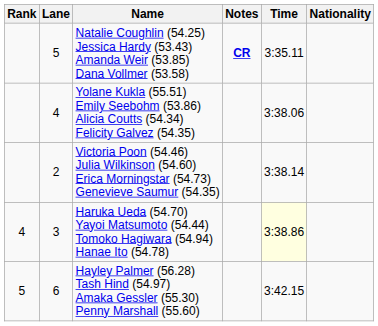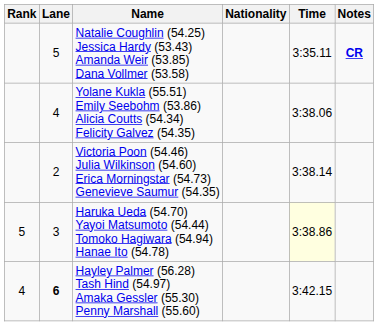 <table class="wikitable sortable" style="text-align:center">
 <tr>
 <th>Rank</th>
 <th>Lane</th>
 <th>Name</th>
+<th>Nationality</th>
+<th>Time</th>
 <th>Notes</th>
-<th>Time</th>
-<th>Nationality</th>
 </tr>
 <tr>
 <td></td>
 <td>5</td>
 <td align=left><a href='#'>Natalie Coughlin</a> (54.25) <br> <a href='#'>Jessica Hardy</a> (53.43) <br> <a href='#'>Amanda Weir</a> (53.85) <br> <a href='#'>Dana Vollmer</a> (53.58)</td>
+<td align=left></td>
+<td>3:35.11</td>
 <td><strong><a href='#'>CR</a></strong></td>
-<td>3:35.11</td>
-<td align=left></td>
 </tr>
 <tr>
 <td></td>
 <td>4</td>
 <td align=left><a href='#'>Yolane Kukla</a> (55.51) <br> <a href='#'>Emily Seebohm</a> (53.86) <br> <a href='#'>Alicia Coutts</a> (54.34) <br> <a href='#'>Felicity Galvez</a> (54.35)</td>
+<td align=left></td>
+<td>3:38.06</td>
 <td></td>
-<td>3:38.06</td>
-<td align=left></td>
 </tr>
 <tr>
 <td></td>
 <td>2</td>
 <td align=left><a href='#'>Victoria Poon</a> (54.46) <br><a href='#'>Julia Wilkinson</a> (54.60) <br><a href='#'>Erica Morningstar</a> (54.73) <br><a href='#'>Genevieve Saumur</a> (54.35)</td>
+<td align=left></td>
+<td>3:38.14</td>
 <td></td>
-<td>3:38.14</td>
+</tr>
+<tr>
+<td>5</td>
+<td>3</td>
+<td align=left><a href='#'>Haruka Ueda</a> (54.70) <br> <a href='#'>Yayoi Matsumoto</a> (54.44) <br> <a href='#'>Tomoko Hagiwara</a> (54.94) <br> <a href='#'>Hanae Ito</a> (54.78)</td>
 <td align=left></td>
+<td style="background: lightyellow;">3:38.86</td>
+<td></td>
 </tr>
 <tr>
 <td>4</td>
-<td>3</td>
-<td align=left><a href='#'>Haruka Ueda</a> (54.70) <br> <a href='#'>Yayoi Matsumoto</a> (54.44) <br> <a href='#'>Tomoko Hagiwara</a> (54.94) <br> <a href='#'>Hanae Ito</a> (54.78)</td>
+<td><strong>6</strong></td>
+<td align=left><a href='#'>Hayley Palmer</a> (56.28) <br><a href='#'>Tash Hind</a> (54.97) <br><a href='#'>Amaka Gessler</a> (55.30) <br><a href='#'>Penny Marshall</a> (55.60)</td>
+<td align=left></td>
+<td>3:42.15</td>
 <td></td>
-<td style="background: lightyellow;">3:38.86</td>
-<td align=left></td>
-</tr>
-<tr>
-<td>5</td>
-<td>6</td>
-<td align=left><a href='#'>Hayley Palmer</a> (56.28) <br><a href='#'>Tash Hind</a> (54.97) <br><a href='#'>Amaka Gessler</a> (55.30) <br><a href='#'>Penny Marshall</a> (55.60)</td>
-<td></td>
-<td>3:42.15</td>
-<td align=left></td>
 </tr>
 </table>
